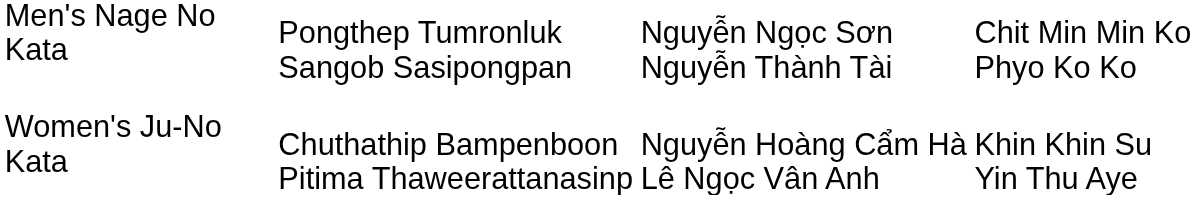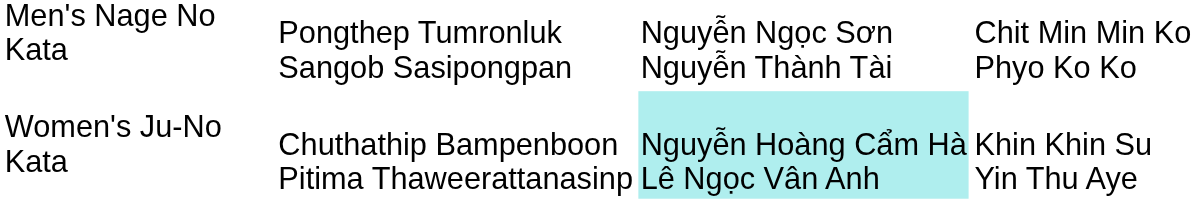 <table>
 <tr>
 <td>Men's Nage No Kata</td>
 <td><br>Pongthep Tumronluk<br>Sangob Sasipongpan</td>
 <td><br>Nguyễn Ngọc Sơn<br>Nguyễn Thành Tài</td>
 <td nowrap><br>Chit Min Min Ko<br>Phyo Ko Ko</td>
 </tr>
 <tr>
 <td>Women's Ju-No Kata</td>
 <td nowrap><br>Chuthathip Bampenboon<br>Pitima Thaweerattanasinp</td>
-<td nowrap><br>Nguyễn Hoàng Cẩm Hà<br>Lê Ngọc Vân Anh</td>
+<td nowrap style="background: paleturquoise;"><br>Nguyễn Hoàng Cẩm Hà<br>Lê Ngọc Vân Anh</td>
 <td><br>Khin Khin Su<br>Yin Thu Aye</td>
 </tr>
 </table>
